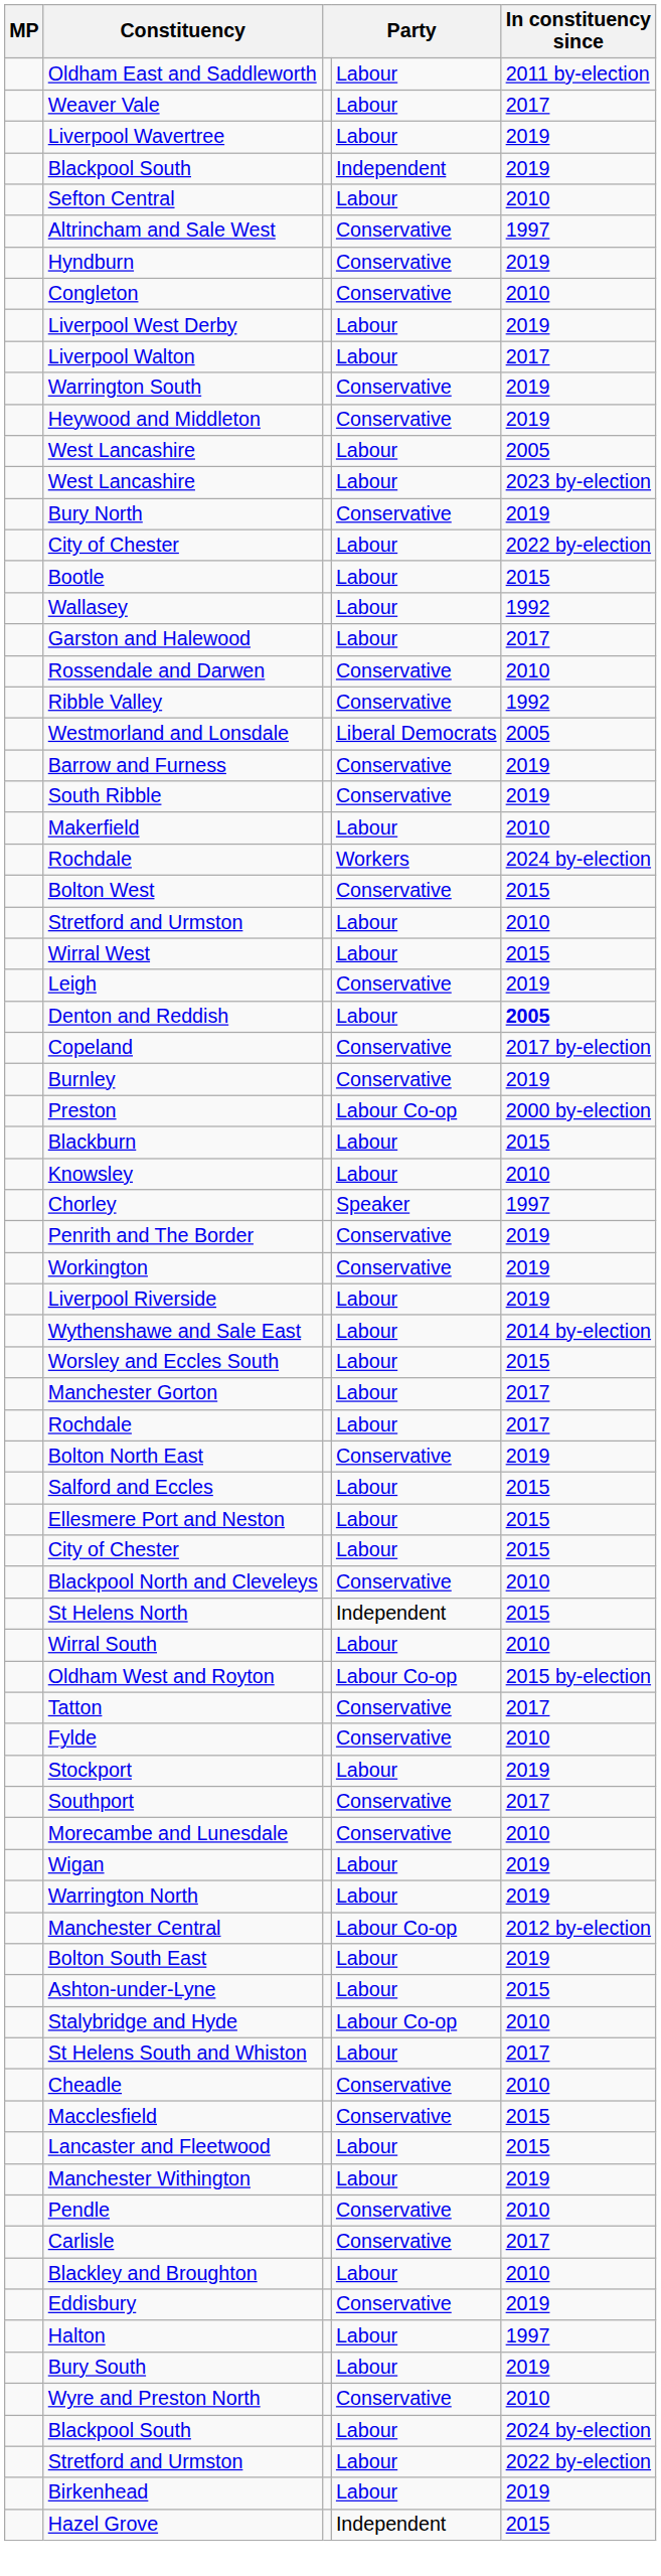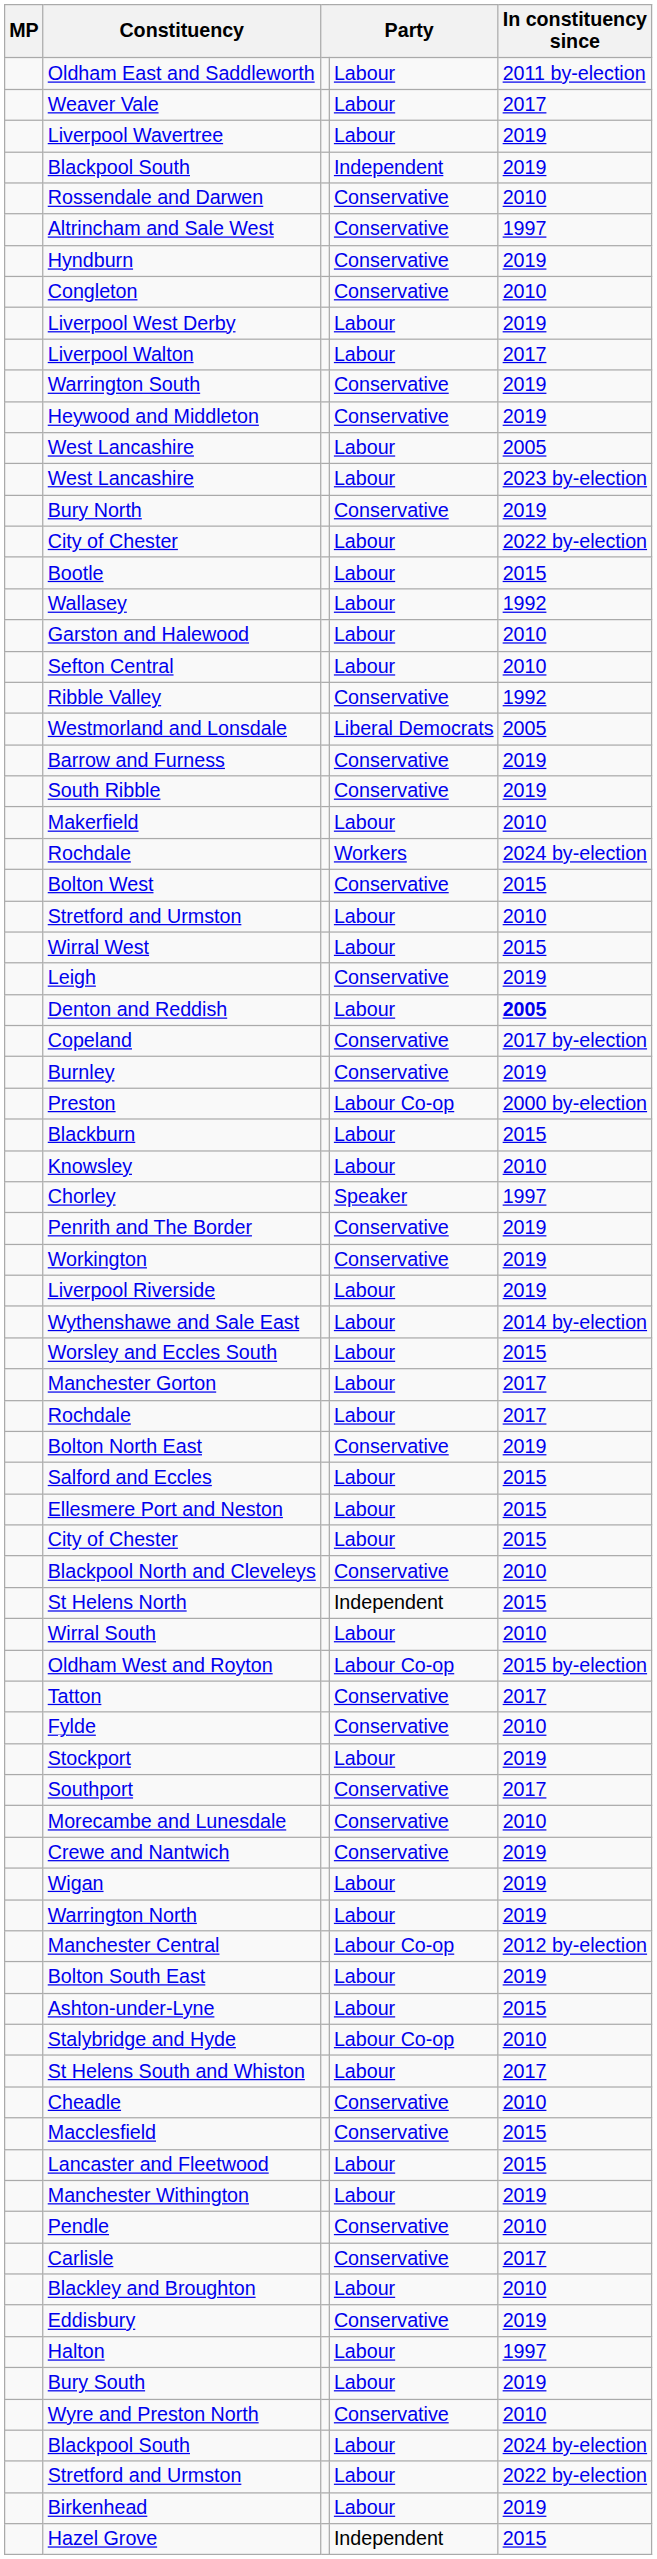 <table class="wikitable sortable">
 <tr>
 <th>MP</th>
 <th>Constituency</th>
 <th colspan="2">Party</th>
 <th>In constituency<br>since</th>
 </tr>
 <tr>
 <td></td>
 <td><a href='#'>Oldham East and Saddleworth</a></td>
 <td style="color:inherit;background-color: "></td>
 <td><a href='#'>Labour</a></td>
 <td><a href='#'>2011 by-election</a></td>
 </tr>
 <tr>
 <td></td>
 <td><a href='#'>Weaver Vale</a></td>
 <td style="color:inherit;background-color: "></td>
 <td><a href='#'>Labour</a></td>
 <td><a href='#'>2017</a></td>
 </tr>
 <tr>
 <td></td>
 <td><a href='#'>Liverpool Wavertree</a></td>
 <td style="color:inherit;background:"></td>
 <td><a href='#'>Labour</a></td>
 <td><a href='#'>2019</a></td>
 </tr>
 <tr>
 <td><em></em></td>
 <td><a href='#'>Blackpool South</a></td>
 <td style="color:inherit;background-color: "></td>
 <td><a href='#'>Independent</a></td>
 <td><a href='#'>2019</a></td>
 </tr>
 <tr>
 <td></td>
-<td><a href='#'>Sefton Central</a></td>
+<td><a href='#'>Rossendale and Darwen</a></td>
 <td style="color:inherit;background-color: "></td>
-<td><a href='#'>Labour</a></td>
+<td><a href='#'>Conservative</a></td>
 <td><a href='#'>2010</a></td>
 </tr>
 <tr>
 <td></td>
 <td><a href='#'>Altrincham and Sale West</a></td>
 <td style="color:inherit;background-color: "></td>
 <td><a href='#'>Conservative</a></td>
 <td><a href='#'>1997</a></td>
 </tr>
 <tr>
 <td></td>
 <td><a href='#'>Hyndburn</a></td>
 <td style="color:inherit;background-color: "></td>
 <td><a href='#'>Conservative</a></td>
 <td><a href='#'>2019</a></td>
 </tr>
 <tr>
 <td></td>
 <td><a href='#'>Congleton</a></td>
 <td style="color:inherit;background-color: "></td>
 <td><a href='#'>Conservative</a></td>
 <td><a href='#'>2010</a></td>
 </tr>
 <tr>
 <td></td>
 <td><a href='#'>Liverpool West Derby</a></td>
 <td style="color:inherit;background-color: "></td>
 <td><a href='#'>Labour</a></td>
 <td><a href='#'>2019</a></td>
 </tr>
 <tr>
 <td></td>
 <td><a href='#'>Liverpool Walton</a></td>
 <td style="color:inherit;background-color: "></td>
 <td><a href='#'>Labour</a></td>
 <td><a href='#'>2017</a></td>
 </tr>
 <tr>
 <td></td>
 <td><a href='#'>Warrington South</a></td>
 <td style="color:inherit;background-color: "></td>
 <td><a href='#'>Conservative</a></td>
 <td><a href='#'>2019</a></td>
 </tr>
 <tr>
 <td></td>
 <td><a href='#'>Heywood and Middleton</a></td>
 <td style="color:inherit;background-color: "></td>
 <td><a href='#'>Conservative</a></td>
 <td><a href='#'>2019</a></td>
 </tr>
 <tr>
 <td><em></em></td>
 <td><a href='#'>West Lancashire</a></td>
 <td style="color:inherit;background-color: "></td>
 <td><a href='#'>Labour</a></td>
 <td><a href='#'>2005</a></td>
 </tr>
 <tr>
 <td></td>
 <td><a href='#'>West Lancashire</a></td>
 <td style="color:inherit;background-color: "></td>
 <td><a href='#'>Labour</a></td>
 <td><a href='#'>2023 by-election</a></td>
 </tr>
 <tr>
 <td></td>
 <td><a href='#'>Bury North</a></td>
 <td style="color:inherit;background-color: "></td>
 <td><a href='#'>Conservative</a></td>
 <td><a href='#'>2019</a></td>
 </tr>
 <tr>
 <td></td>
 <td><a href='#'>City of Chester</a></td>
 <td style="color:inherit;background-color: "></td>
 <td><a href='#'>Labour</a></td>
 <td><a href='#'>2022 by-election</a></td>
 </tr>
 <tr>
 <td></td>
 <td><a href='#'>Bootle</a></td>
 <td style="color:inherit;background-color: "></td>
 <td><a href='#'>Labour</a></td>
 <td><a href='#'>2015</a></td>
 </tr>
 <tr>
 <td></td>
 <td><a href='#'>Wallasey</a></td>
 <td style="color:inherit;background-color: "></td>
 <td><a href='#'>Labour</a></td>
 <td><a href='#'>1992</a></td>
 </tr>
 <tr>
 <td></td>
 <td><a href='#'>Garston and Halewood</a></td>
 <td style="color:inherit;background-color: "></td>
 <td><a href='#'>Labour</a></td>
-<td><a href='#'>2017</a></td>
+<td><a href='#'>2010</a></td>
 </tr>
 <tr>
 <td></td>
-<td><a href='#'>Rossendale and Darwen</a></td>
+<td><a href='#'>Sefton Central</a></td>
 <td style="color:inherit;background-color: "></td>
-<td><a href='#'>Conservative</a></td>
+<td><a href='#'>Labour</a></td>
 <td><a href='#'>2010</a></td>
 </tr>
 <tr>
 <td></td>
 <td><a href='#'>Ribble Valley</a></td>
 <td style="color:inherit;background-color: "></td>
 <td><a href='#'>Conservative</a></td>
 <td><a href='#'>1992</a></td>
 </tr>
 <tr>
 <td></td>
 <td><a href='#'>Westmorland and Lonsdale</a></td>
 <td style="color:inherit;background-color: "></td>
 <td><a href='#'>Liberal Democrats</a></td>
 <td><a href='#'>2005</a></td>
 </tr>
 <tr>
 <td></td>
 <td><a href='#'>Barrow and Furness</a></td>
 <td style="color:inherit;background-color: "></td>
 <td><a href='#'>Conservative</a></td>
 <td><a href='#'>2019</a></td>
 </tr>
 <tr>
 <td></td>
 <td><a href='#'>South Ribble</a></td>
 <td style="color:inherit;background-color: "></td>
 <td><a href='#'>Conservative</a></td>
 <td><a href='#'>2019</a></td>
 </tr>
 <tr>
 <td></td>
 <td><a href='#'>Makerfield</a></td>
 <td style="color:inherit;background-color: "></td>
 <td><a href='#'>Labour</a></td>
 <td><a href='#'>2010</a></td>
 </tr>
 <tr>
 <td></td>
 <td><a href='#'>Rochdale</a></td>
 <td style="color:inherit;background-color: "></td>
 <td><a href='#'>Workers</a></td>
 <td><a href='#'>2024 by-election</a></td>
 </tr>
 <tr>
 <td></td>
 <td><a href='#'>Bolton West</a></td>
 <td style="color:inherit;background-color: "></td>
 <td><a href='#'>Conservative</a></td>
 <td><a href='#'>2015</a></td>
 </tr>
 <tr>
 <td><em></em></td>
 <td><a href='#'>Stretford and Urmston</a></td>
 <td style="color:inherit;background-color: "></td>
 <td><a href='#'>Labour</a></td>
 <td><a href='#'>2010</a></td>
 </tr>
 <tr>
 <td></td>
 <td><a href='#'>Wirral West</a></td>
 <td style="color:inherit;background-color: "></td>
 <td><a href='#'>Labour</a></td>
 <td><a href='#'>2015</a></td>
 </tr>
 <tr>
 <td></td>
 <td><a href='#'>Leigh</a></td>
 <td style="color:inherit;background-color: "></td>
 <td><a href='#'>Conservative</a></td>
 <td><a href='#'>2019</a></td>
 </tr>
 <tr>
 <td></td>
 <td><a href='#'>Denton and Reddish</a></td>
 <td style="color:inherit;background-color: "></td>
 <td><a href='#'>Labour</a></td>
 <td><strong><a href='#'>2005</a></strong></td>
 </tr>
 <tr>
 <td></td>
 <td><a href='#'>Copeland</a></td>
 <td style="color:inherit;background-color: "></td>
 <td><a href='#'>Conservative</a></td>
 <td><a href='#'>2017 by-election</a></td>
 </tr>
 <tr>
 <td></td>
 <td><a href='#'>Burnley</a></td>
 <td style="color:inherit;background-color: "></td>
 <td><a href='#'>Conservative</a></td>
 <td><a href='#'>2019</a></td>
 </tr>
 <tr>
 <td></td>
 <td><a href='#'>Preston</a></td>
 <td style="color:inherit;background-color: "></td>
 <td><a href='#'>Labour Co-op</a></td>
 <td><a href='#'>2000 by-election</a></td>
 </tr>
 <tr>
 <td></td>
 <td><a href='#'>Blackburn</a></td>
 <td style="color:inherit;background-color: "></td>
 <td><a href='#'>Labour</a></td>
 <td><a href='#'>2015</a></td>
 </tr>
 <tr>
 <td></td>
 <td><a href='#'>Knowsley</a></td>
 <td style="color:inherit;background-color: "></td>
 <td><a href='#'>Labour</a></td>
 <td><a href='#'>2010</a></td>
 </tr>
 <tr>
 <td></td>
 <td><a href='#'>Chorley</a></td>
 <td style="color:inherit;background-color: "></td>
 <td><a href='#'>Speaker</a></td>
 <td><a href='#'>1997</a></td>
 </tr>
 <tr>
 <td></td>
 <td><a href='#'>Penrith and The Border</a></td>
 <td style="color:inherit;background-color: "></td>
 <td><a href='#'>Conservative</a></td>
 <td><a href='#'>2019</a></td>
 </tr>
 <tr>
 <td></td>
 <td><a href='#'>Workington</a></td>
 <td style="color:inherit;background-color: "></td>
 <td><a href='#'>Conservative</a></td>
 <td><a href='#'>2019</a></td>
 </tr>
 <tr>
 <td></td>
 <td><a href='#'>Liverpool Riverside</a></td>
 <td style="color:inherit;background-color: "></td>
 <td><a href='#'>Labour</a></td>
 <td><a href='#'>2019</a></td>
 </tr>
 <tr>
 <td></td>
 <td><a href='#'>Wythenshawe and Sale East</a></td>
 <td style="color:inherit;background-color: "></td>
 <td><a href='#'>Labour</a></td>
 <td><a href='#'>2014 by-election</a></td>
 </tr>
 <tr>
 <td></td>
 <td><a href='#'>Worsley and Eccles South</a></td>
 <td style="color:inherit;background-color: "></td>
 <td><a href='#'>Labour</a></td>
 <td><a href='#'>2015</a></td>
 </tr>
 <tr>
 <td></td>
 <td><a href='#'>Manchester Gorton</a></td>
 <td style="color:inherit;background-color: "></td>
 <td><a href='#'>Labour</a></td>
 <td><a href='#'>2017</a></td>
 </tr>
 <tr>
 <td><em></em></td>
 <td><a href='#'>Rochdale</a></td>
 <td style="color:inherit;background-color: "></td>
 <td><a href='#'>Labour</a></td>
 <td><a href='#'>2017</a></td>
 </tr>
 <tr>
 <td></td>
 <td><a href='#'>Bolton North East</a></td>
 <td style="color:inherit;background-color: "></td>
 <td><a href='#'>Conservative</a></td>
 <td><a href='#'>2019</a></td>
 </tr>
 <tr>
 <td></td>
 <td><a href='#'>Salford and Eccles</a></td>
 <td style="color:inherit;background-color: "></td>
 <td><a href='#'>Labour</a></td>
 <td><a href='#'>2015</a></td>
 </tr>
 <tr>
 <td></td>
 <td><a href='#'>Ellesmere Port and Neston</a></td>
 <td style="color:inherit;background-color: "></td>
 <td><a href='#'>Labour</a></td>
 <td><a href='#'>2015</a></td>
 </tr>
 <tr>
 <td><em></em></td>
 <td><a href='#'>City of Chester</a></td>
 <td style="color:inherit;background-color: "></td>
 <td><a href='#'>Labour</a></td>
 <td><a href='#'>2015</a></td>
 </tr>
 <tr>
 <td></td>
 <td><a href='#'>Blackpool North and Cleveleys</a></td>
 <td style="color:inherit;background-color: "></td>
 <td><a href='#'>Conservative</a></td>
 <td><a href='#'>2010</a></td>
 </tr>
 <tr>
 <td></td>
 <td><a href='#'>St Helens North</a></td>
 <td style="color:inherit;background-color: "></td>
 <td>Independent</td>
 <td><a href='#'>2015</a></td>
 </tr>
 <tr>
 <td></td>
 <td><a href='#'>Wirral South</a></td>
 <td style="color:inherit;background-color: "></td>
 <td><a href='#'>Labour</a></td>
 <td><a href='#'>2010</a></td>
 </tr>
 <tr>
 <td></td>
 <td><a href='#'>Oldham West and Royton</a></td>
 <td style="color:inherit;background-color: "></td>
 <td><a href='#'>Labour Co-op</a></td>
 <td><a href='#'>2015 by-election</a></td>
 </tr>
 <tr>
 <td></td>
 <td><a href='#'>Tatton</a></td>
 <td style="color:inherit;background-color: "></td>
 <td><a href='#'>Conservative</a></td>
 <td><a href='#'>2017</a></td>
 </tr>
 <tr>
 <td></td>
 <td><a href='#'>Fylde</a></td>
 <td style="color:inherit;background-color: "></td>
 <td><a href='#'>Conservative</a></td>
 <td><a href='#'>2010</a></td>
 </tr>
 <tr>
 <td></td>
 <td><a href='#'>Stockport</a></td>
 <td style="color:inherit;background-color: "></td>
 <td><a href='#'>Labour</a></td>
 <td><a href='#'>2019</a></td>
 </tr>
 <tr>
 <td></td>
 <td><a href='#'>Southport</a></td>
 <td style="color:inherit;background-color: "></td>
 <td><a href='#'>Conservative</a></td>
 <td><a href='#'>2017</a></td>
 </tr>
 <tr>
 <td></td>
 <td><a href='#'>Morecambe and Lunesdale</a></td>
 <td style="color:inherit;background-color: "></td>
 <td><a href='#'>Conservative</a></td>
 <td><a href='#'>2010</a></td>
 </tr>
 <tr>
 <td></td>
+<td><a href='#'>Crewe and Nantwich</a></td>
+<td style="color:inherit;background-color: "></td>
+<td><a href='#'>Conservative</a></td>
+<td><a href='#'>2019</a></td>
+</tr>
+<tr>
+<td></td>
 <td><a href='#'>Wigan</a></td>
 <td style="color:inherit;background-color: "></td>
 <td><a href='#'>Labour</a></td>
 <td><a href='#'>2019</a></td>
 </tr>
 <tr>
 <td></td>
 <td><a href='#'>Warrington North</a></td>
 <td style="color:inherit;background-color: "></td>
 <td><a href='#'>Labour</a></td>
 <td><a href='#'>2019</a></td>
 </tr>
 <tr>
 <td></td>
 <td><a href='#'>Manchester Central</a></td>
 <td style="color:inherit;background-color: "></td>
 <td><a href='#'>Labour Co-op</a></td>
 <td><a href='#'>2012 by-election</a></td>
 </tr>
 <tr>
 <td></td>
 <td><a href='#'>Bolton South East</a></td>
 <td style="color:inherit;background-color: "></td>
 <td><a href='#'>Labour</a></td>
 <td><a href='#'>2019</a></td>
 </tr>
 <tr>
 <td></td>
 <td><a href='#'>Ashton-under-Lyne</a></td>
 <td style="color:inherit;background-color: "></td>
 <td><a href='#'>Labour</a></td>
 <td><a href='#'>2015</a></td>
 </tr>
 <tr>
 <td></td>
 <td><a href='#'>Stalybridge and Hyde</a></td>
 <td style="color:inherit;background-color: "></td>
 <td><a href='#'>Labour Co-op</a></td>
 <td><a href='#'>2010</a></td>
 </tr>
 <tr>
 <td></td>
 <td><a href='#'>St Helens South and Whiston</a></td>
 <td style="color:inherit;background-color: "></td>
 <td><a href='#'>Labour</a></td>
 <td><a href='#'>2017</a></td>
 </tr>
 <tr>
 <td></td>
 <td><a href='#'>Cheadle</a></td>
 <td style="color:inherit;background-color: "></td>
 <td><a href='#'>Conservative</a></td>
 <td><a href='#'>2010</a></td>
 </tr>
 <tr>
 <td></td>
 <td><a href='#'>Macclesfield</a></td>
 <td style="color:inherit;background-color: "></td>
 <td><a href='#'>Conservative</a></td>
 <td><a href='#'>2015</a></td>
 </tr>
 <tr>
 <td></td>
 <td><a href='#'>Lancaster and Fleetwood</a></td>
 <td style="color:inherit;background-color: "></td>
 <td><a href='#'>Labour</a></td>
 <td><a href='#'>2015</a></td>
 </tr>
 <tr>
 <td></td>
 <td><a href='#'>Manchester Withington</a></td>
 <td style="color:inherit;background-color: "></td>
 <td><a href='#'>Labour</a></td>
 <td><a href='#'>2019</a></td>
 </tr>
 <tr>
 <td></td>
 <td><a href='#'>Pendle</a></td>
 <td style="color:inherit;background-color: "></td>
 <td><a href='#'>Conservative</a></td>
 <td><a href='#'>2010</a></td>
 </tr>
 <tr>
 <td></td>
 <td><a href='#'>Carlisle</a></td>
 <td style="color:inherit;background-color: "></td>
 <td><a href='#'>Conservative</a></td>
 <td><a href='#'>2017</a></td>
 </tr>
 <tr>
 <td></td>
 <td><a href='#'>Blackley and Broughton</a></td>
 <td style="color:inherit;background-color: "></td>
 <td><a href='#'>Labour</a></td>
 <td><a href='#'>2010</a></td>
 </tr>
 <tr>
 <td></td>
 <td><a href='#'>Eddisbury</a></td>
 <td style="color:inherit;background-color: "></td>
 <td><a href='#'>Conservative</a></td>
 <td><a href='#'>2019</a></td>
 </tr>
 <tr>
 <td></td>
 <td><a href='#'>Halton</a></td>
 <td style="color:inherit;background-color: "></td>
 <td><a href='#'>Labour</a></td>
 <td><a href='#'>1997</a></td>
 </tr>
 <tr>
 <td></td>
 <td><a href='#'>Bury South</a></td>
 <td style="color:inherit;background-color: "></td>
 <td><a href='#'>Labour</a></td>
 <td><a href='#'>2019</a></td>
 </tr>
 <tr>
 <td></td>
 <td><a href='#'>Wyre and Preston North</a></td>
 <td style="color:inherit;background-color: "></td>
 <td><a href='#'>Conservative</a></td>
 <td><a href='#'>2010</a></td>
 </tr>
 <tr>
 <td></td>
 <td><a href='#'>Blackpool South</a></td>
 <td style="color:inherit;background:"></td>
 <td><a href='#'>Labour</a></td>
 <td><a href='#'>2024 by-election</a></td>
 </tr>
 <tr>
 <td></td>
 <td><a href='#'>Stretford and Urmston</a></td>
 <td style="color:inherit;background-color: "></td>
 <td><a href='#'>Labour</a></td>
 <td><a href='#'>2022 by-election</a></td>
 </tr>
 <tr>
 <td></td>
 <td><a href='#'>Birkenhead</a></td>
 <td style="color:inherit;background-color: "></td>
 <td><a href='#'>Labour</a></td>
 <td><a href='#'>2019</a></td>
 </tr>
 <tr>
 <td></td>
 <td><a href='#'>Hazel Grove</a></td>
 <td style="color:inherit;background-color: "></td>
 <td>Independent</td>
 <td><a href='#'>2015</a></td>
 </tr>
 </table>
